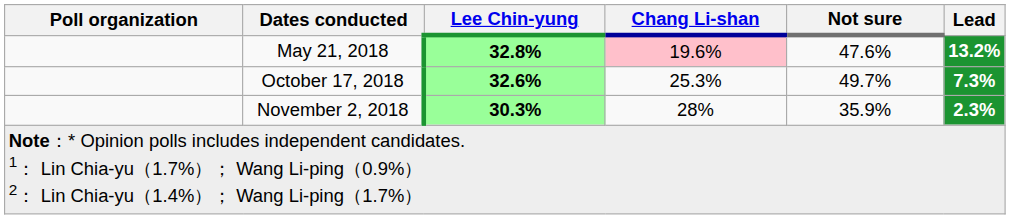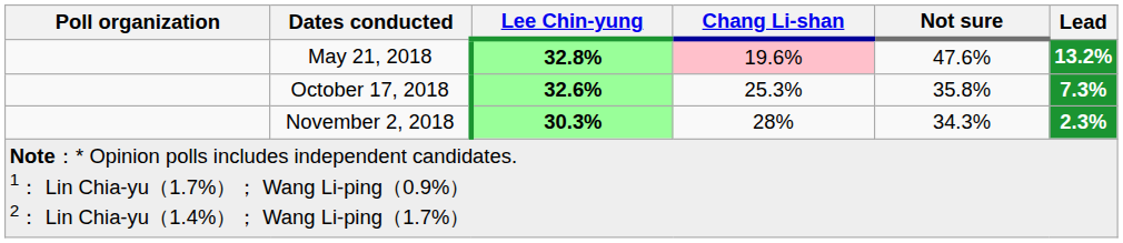 <table class="wikitable collapsible autocollapse" style="text-align:center">
 <tr style="background-color:# E9E9E9">
 <th style="width:200px;">Poll organization</th>
 <th style="width:150px;">Dates conducted</th>
 <th style="width:150px; border-bottom:4px solid #1B9431;"> <a href='#'>Lee Chin-yung</a></th>
 <th style="width:150px; border-bottom:4px solid #000099;"> <a href='#'>Chang Li-shan</a></th>
 <th style="width:130px; border-bottom:4px solid #707070;"> Not sure</th>
 <th style="width:40px;">Lead</th>
 </tr>
 <tr>
 <td></td>
 <td>May 21, 2018</td>
 <td style="background-color:#99FF99; border-left:4px solid #1B9431;"><strong>32.8%</strong></td>
 <td style="background: pink;">19.6%</td>
 <td>47.6%</td>
 <td style="background:#1B9431; color:white"><strong>13.2%</strong></td>
 </tr>
 <tr>
 <td></td>
 <td>October 17, 2018</td>
 <td style="background-color:#99FF99; border-left:4px solid #1B9431;"><strong>32.6%</strong></td>
 <td>25.3%</td>
-<td>49.7%</td>
+<td>35.8%</td>
 <td style="background:#1B9431; color:white"><strong>7.3%</strong></td>
 </tr>
 <tr>
 <td></td>
 <td>November 2, 2018</td>
 <td style="background-color:#99FF99; border-left:4px solid #1B9431;"><strong>30.3%</strong></td>
 <td>28%</td>
-<td>35.9%</td>
+<td>34.3%</td>
 <td style="background:#1B9431; color:white"><strong>2.3%</strong></td>
 </tr>
 <tr>
 <td colspan="7" style="background-color:#EEEEEE;" align=left><div><strong>Note</strong>：* Opinion polls includes independent candidates.<br><sup>1</sup>： Lin Chia-yu（1.7%）； Wang Li-ping（0.9%）<br> <sup>2</sup>： Lin Chia-yu（1.4%）； Wang Li-ping（1.7%）<br> </div></td>
 </tr>
 </table>
